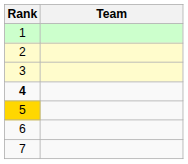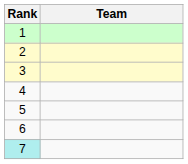 <table class="wikitable" style="text-align: center;">
 <tr>
 <th width=40>Rank</th>
 <th width=180>Team</th>
 </tr>
 <tr bgcolor=#ccffcc>
 <td>1</td>
 <td align=left></td>
 </tr>
 <tr bgcolor=#fffccc>
 <td>2</td>
 <td align=left></td>
 </tr>
 <tr bgcolor=#fffccc>
 <td>3</td>
 <td align=left></td>
 </tr>
 <tr>
-<td><strong>4</strong></td>
+<td>4</td>
 <td align=left></td>
 </tr>
 <tr>
-<td style="background: gold;">5</td>
+<td>5</td>
 <td align=left></td>
 </tr>
 <tr>
 <td>6</td>
 <td align=left></td>
 </tr>
 <tr>
-<td>7</td>
+<td style="background: paleturquoise;">7</td>
 <td align=left></td>
 </tr>
 </table>
